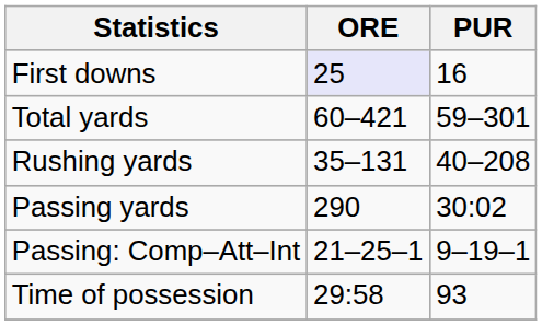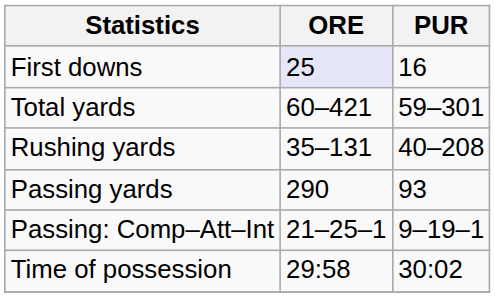 <table class="wikitable" style="float: left;">
 <tr>
 <th>Statistics</th>
 <th>ORE</th>
 <th>PUR</th>
 </tr>
 <tr>
 <td>First downs</td>
 <td style="background: lavender;">25</td>
 <td>16</td>
 </tr>
 <tr>
 <td>Total yards</td>
 <td>60–421</td>
 <td>59–301</td>
 </tr>
 <tr>
 <td>Rushing yards</td>
 <td>35–131</td>
 <td>40–208</td>
 </tr>
 <tr>
 <td>Passing yards</td>
 <td>290</td>
-<td>30:02</td>
+<td>93</td>
 </tr>
 <tr>
 <td>Passing: Comp–Att–Int</td>
 <td>21–25–1</td>
 <td>9–19–1</td>
 </tr>
 <tr>
 <td>Time of possession</td>
 <td>29:58</td>
-<td>93</td>
+<td>30:02</td>
 </tr>
 <tr>
 </tr>
 </table>
